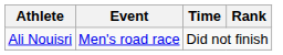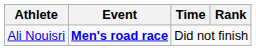 <table class="wikitable" style="font-size:90%">
 <tr>
 <th>Athlete</th>
 <th>Event</th>
 <th>Time</th>
 <th>Rank</th>
 </tr>
 <tr align=center>
 <td align=left><a href='#'>Ali Nouisri</a></td>
-<td align=left><a href='#'>Men's road race</a></td>
+<td align=left><strong><a href='#'>Men's road race</a></strong></td>
 <td colspan=2>Did not finish</td>
 </tr>
 </table>
